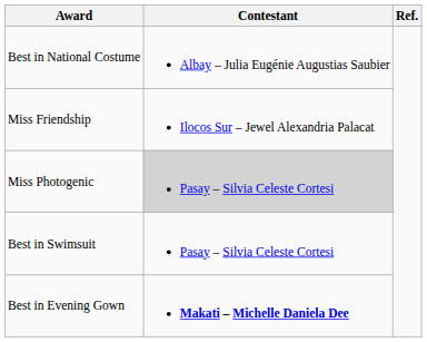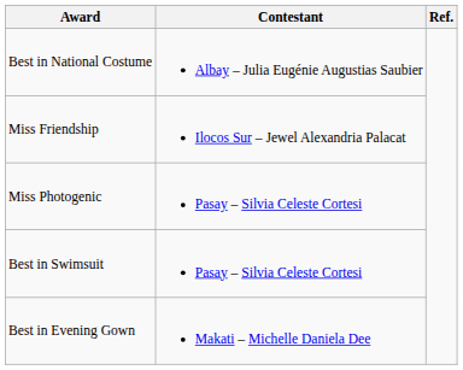 <table class="wikitable sortable unsortable" style="font-size: 95%;">
 <tr>
 <th>Award</th>
 <th>Contestant</th>
 <th>Ref.</th>
 </tr>
 <tr>
 <td>Best in National Costume</td>
 <td><br><ul><li><a href='#'>Albay</a> – Julia Eugénie Augustias Saubier</li></ul></td>
 <td rowspan="5"><br></td>
 </tr>
 <tr>
 <td>Miss Friendship</td>
 <td><br><ul><li><a href='#'>Ilocos Sur</a> – Jewel Alexandria Palacat</li></ul></td>
 </tr>
 <tr>
 <td>Miss Photogenic</td>
-<td style="background: lightgrey;"><br><ul><li><a href='#'>Pasay</a> – <a href='#'>Silvia Celeste Cortesi</a></li></ul></td>
+<td><br><ul><li><a href='#'>Pasay</a> – <a href='#'>Silvia Celeste Cortesi</a></li></ul></td>
 </tr>
 <tr>
 <td>Best in Swimsuit</td>
 <td><br><ul><li><a href='#'>Pasay</a> – <a href='#'>Silvia Celeste Cortesi</a></li></ul></td>
 </tr>
 <tr>
 <td>Best in Evening Gown</td>
-<td><strong><br><ul><li><a href='#'>Makati</a> – <a href='#'>Michelle Daniela Dee</a></li></ul></strong></td>
+<td><br><ul><li><a href='#'>Makati</a> – <a href='#'>Michelle Daniela Dee</a></li></ul></td>
 </tr>
 </table>
